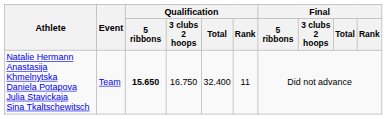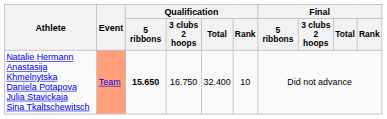 <table class="wikitable" style="font-size:90%">
 <tr>
 <th rowspan="2">Athlete</th>
 <th rowspan="2">Event</th>
 <th colspan="4">Qualification</th>
 <th colspan="4">Final</th>
 </tr>
 <tr style="font-size:95%">
 <th>5 ribbons</th>
 <th>3 clubs<br>2 hoops</th>
 <th>Total</th>
 <th>Rank</th>
 <th>5 ribbons</th>
 <th>3 clubs<br>2 hoops</th>
 <th>Total</th>
 <th>Rank</th>
 </tr>
 <tr align=center>
 <td align=left><a href='#'>Natalie Hermann</a><br><a href='#'>Anastasija Khmelnytska</a><br><a href='#'>Daniela Potapova</a><br><a href='#'>Julia Stavickaja</a><br><a href='#'>Sina Tkaltschewitsch</a></td>
-<td align=left><a href='#'>Team</a></td>
+<td align=left style="background: lightsalmon;"><a href='#'>Team</a></td>
 <td><strong>15.650</strong></td>
 <td>16.750</td>
 <td>32.400</td>
-<td>11</td>
+<td>10</td>
 <td colspan=4>Did not advance</td>
 </tr>
 </table>
